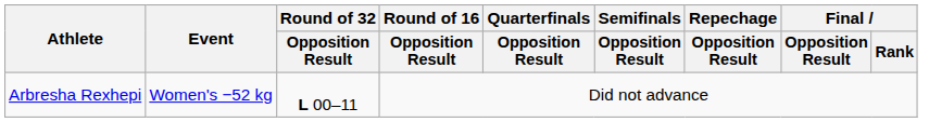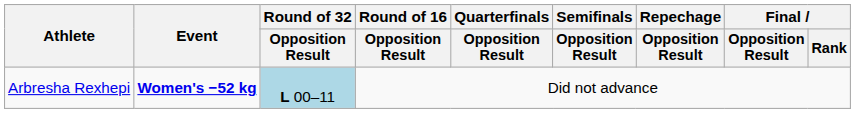 <table class="wikitable" style="font-size:90%">
 <tr>
 <th rowspan="2">Athlete</th>
 <th rowspan="2">Event</th>
 <th>Round of 32</th>
 <th>Round of 16</th>
 <th>Quarterfinals</th>
 <th>Semifinals</th>
 <th>Repechage</th>
 <th colspan=2>Final / </th>
 </tr>
 <tr style="font-size:95%">
 <th>Opposition<br>Result</th>
 <th>Opposition<br>Result</th>
 <th>Opposition<br>Result</th>
 <th>Opposition<br>Result</th>
 <th>Opposition<br>Result</th>
 <th>Opposition<br>Result</th>
 <th>Rank</th>
 </tr>
 <tr align=center>
 <td align=left><a href='#'>Arbresha Rexhepi</a></td>
-<td align=left><a href='#'>Women's −52 kg</a></td>
-<td><br><strong>L</strong> 00–11</td>
+<td align=left><strong><a href='#'>Women's −52 kg</a></strong></td>
+<td style="background: lightblue;"><br><strong>L</strong> 00–11</td>
 <td colspan=6>Did not advance</td>
 </tr>
 </table>
